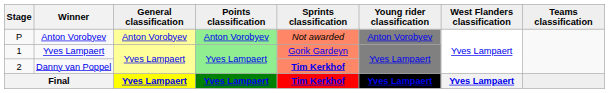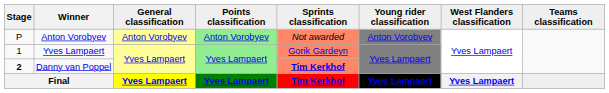 <table class="wikitable" style="text-align: center; font-size:smaller;">
 <tr style="background:#efefef;">
 <th style="width:2%;">Stage</th>
 <th style="width:14%;">Winner</th>
 <th style="background:#efefef; width:14%;">General classification<br></th>
 <th style="background:#efefef; width:14%;">Points classification<br></th>
 <th style="background:#efefef; width:14%;">Sprints classification<br></th>
 <th style="background:#efefef; width:14%;">Young rider classification<br></th>
 <th style="background:#efefef; width:14%;">West Flanders classification<br></th>
 <th style="background:#efefef; width:14%;">Teams classification</th>
 </tr>
 <tr>
 <td>P</td>
 <td><a href='#'>Anton Vorobyev</a></td>
 <td style="background:#FFFF99;"><a href='#'>Anton Vorobyev</a></td>
 <td style="background:lightgreen;"><a href='#'>Anton Vorobyev</a></td>
 <td style="background:#FF8666;"><em>Not awarded</em></td>
 <td style="background:grey;"><a href='#'>Anton Vorobyev</a></td>
 <td style="background:white;" rowspan="3"><a href='#'>Yves Lampaert</a></td>
 <td rowspan="3"></td>
 </tr>
 <tr>
 <td>1</td>
 <td><a href='#'>Yves Lampaert</a></td>
 <td style="background:#FFFF99;" rowspan="2"><a href='#'>Yves Lampaert</a></td>
 <td style="background:lightgreen;" rowspan="2"><a href='#'>Yves Lampaert</a></td>
 <td style="background:#FF8666;"><a href='#'>Gorik Gardeyn</a></td>
 <td style="background:grey;" rowspan="2"><a href='#'>Yves Lampaert</a></td>
 </tr>
 <tr>
-<td>2</td>
+<td><strong>2</strong></td>
 <td><a href='#'>Danny van Poppel</a></td>
 <td style="background:#FF8666;"><strong><a href='#'>Tim Kerkhof</a></strong></td>
 </tr>
 <tr>
 <th colspan=2>Final</th>
 <th style="background:yellow;"><a href='#'>Yves Lampaert</a></th>
 <th style="background:green;"><a href='#'>Yves Lampaert</a></th>
 <th style="background:red;"><a href='#'>Tim Kerkhof</a></th>
 <th style="background:black;"><a href='#'>Yves Lampaert</a></th>
 <th style="background:FF8666;"><a href='#'>Yves Lampaert</a></th>
 <th style="background:#EFEFEF;"></th>
 </tr>
 </table>
